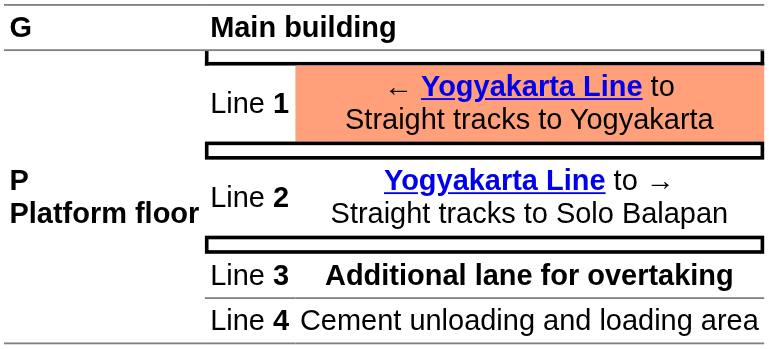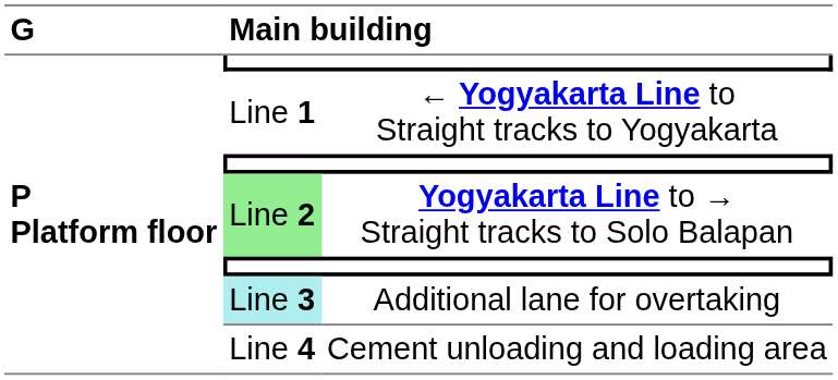 <table cellspacing="0" cellpadding="3">
 <tr>
 <td style="border-top:solid 1px gray;border-bottom:solid 1px gray;"><strong>G</strong></td>
 <td style="border-top:solid 1px gray;border-bottom:solid 1px gray;" colspan="2"><strong>Main building</strong></td>
 </tr>
 <tr>
 <td rowspan="7" style="border-bottom:solid 1px gray;"><strong>P</strong><br><strong>Platform floor</strong></td>
 <td style="border-bottom:solid 2px black;border-left:solid 2px black;border-right:solid 2px black;text-align:center" colspan="2"></td>
 </tr>
 <tr>
 <td>Line <strong>1</strong></td>
-<td style="background: lightsalmon; text-align:center">←   <strong><a href='#'>Yogyakarta Line</a></strong> to <br>Straight tracks to Yogyakarta</td>
+<td style="text-align:center">←   <strong><a href='#'>Yogyakarta Line</a></strong> to <br>Straight tracks to Yogyakarta</td>
 </tr>
 <tr>
 <td style="border-top:solid 2px black;border-bottom:solid 2px black;border-left:solid 2px black;border-right:solid 2px black;text-align:center" colspan="2"></td>
 </tr>
 <tr>
-<td>Line <strong>2</strong></td>
+<td style="background: lightgreen;">Line <strong>2</strong></td>
 <td style="text-align:center"> <strong><a href='#'>Yogyakarta Line</a></strong> to   →<br>Straight tracks to Solo Balapan</td>
 </tr>
 <tr>
 <td style="border-top:solid 2px black;border-bottom:solid 2px black;border-left:solid 2px black;border-right:solid 2px black;text-align:center" colspan="2"></td>
 </tr>
 <tr>
-<td>Line <strong>3</strong></td>
-<td style="text-align:center"><strong>Additional lane for overtaking</strong></td>
+<td style="background: paleturquoise;">Line <strong>3</strong></td>
+<td style="text-align:center">Additional lane for overtaking</td>
 </tr>
 <tr>
 <td style="border-bottom:solid 1px gray;border-top:solid 1px gray;">Line <strong>4</strong></td>
 <td style="border-top:solid 1px gray;border-bottom:solid 1px gray;text-align:center">Cement unloading and loading area</td>
 </tr>
 <tr>
 </tr>
 </table>
